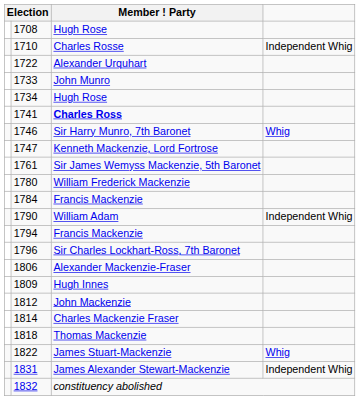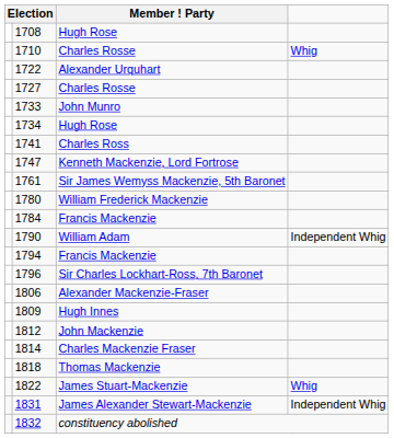 <table class="wikitable">
 <tr>
 <th colspan="2">Election</th>
 <th>Member  ! Party</th>
 </tr>
 <tr>
 <td style="color:inherit;background-color: white"></td>
 <td>1708</td>
 <td><a href='#'>Hugh Rose</a></td>
 <td></td>
 </tr>
 <tr>
 <td style="color:inherit;background-color: "></td>
 <td>1710</td>
 <td><a href='#'>Charles Rosse</a></td>
-<td>Independent Whig</td>
+<td><a href='#'>Whig</a></td>
 </tr>
 <tr>
 <td style="color:inherit;background-color: white"></td>
 <td>1722</td>
 <td><a href='#'>Alexander Urquhart</a></td>
+<td></td>
+</tr>
+<tr>
+<td style="color:inherit;background-color: white"></td>
+<td>1727</td>
+<td><a href='#'>Charles Rosse</a></td>
 <td></td>
 </tr>
 <tr>
 <td style="color:inherit;background-color: white"></td>
 <td>1733</td>
 <td><a href='#'>John Munro</a></td>
 <td></td>
 </tr>
 <tr>
 <td style="color:inherit;background-color: white"></td>
 <td>1734</td>
 <td><a href='#'>Hugh Rose</a></td>
 <td></td>
 </tr>
 <tr>
 <td style="color:inherit;background-color: white"></td>
 <td>1741</td>
-<td><strong><a href='#'>Charles Ross</a></strong></td>
+<td><a href='#'>Charles Ross</a></td>
 <td></td>
-</tr>
-<tr>
-<td style="color:inherit;background-color: "></td>
-<td>1746</td>
-<td><a href='#'>Sir Harry Munro, 7th Baronet</a></td>
-<td><a href='#'>Whig</a></td>
 </tr>
 <tr>
 <td style="color:inherit;background-color: white"></td>
 <td>1747</td>
 <td><a href='#'>Kenneth Mackenzie, Lord Fortrose</a></td>
 <td></td>
 </tr>
 <tr>
 <td style="color:inherit;background-color: white"></td>
 <td>1761</td>
 <td><a href='#'>Sir James Wemyss Mackenzie, 5th Baronet</a></td>
 <td></td>
 </tr>
 <tr>
 <td style="color:inherit;background-color: white"></td>
 <td>1780</td>
 <td><a href='#'>William Frederick Mackenzie</a></td>
 <td></td>
 </tr>
 <tr>
 <td style="color:inherit;background-color: white"></td>
 <td>1784</td>
 <td><a href='#'>Francis Mackenzie</a></td>
 <td></td>
 </tr>
 <tr>
 <td style="color:inherit;background-color: "></td>
 <td>1790</td>
 <td><a href='#'>William Adam</a></td>
 <td>Independent Whig</td>
 </tr>
 <tr>
 <td style="color:inherit;background-color: white"></td>
 <td>1794</td>
 <td><a href='#'>Francis Mackenzie</a></td>
 <td></td>
 </tr>
 <tr>
 <td style="color:inherit;background-color: white"></td>
 <td>1796</td>
 <td><a href='#'>Sir Charles Lockhart-Ross, 7th Baronet</a></td>
 <td></td>
 </tr>
 <tr>
 <td style="color:inherit;background-color: white"></td>
 <td>1806</td>
 <td><a href='#'>Alexander Mackenzie-Fraser</a></td>
 <td></td>
 </tr>
 <tr>
 <td style="color:inherit;background-color: white"></td>
 <td>1809</td>
 <td><a href='#'>Hugh Innes</a></td>
 <td></td>
 </tr>
 <tr>
 <td style="color:inherit;background-color: white"></td>
 <td>1812</td>
 <td><a href='#'>John Mackenzie</a></td>
 <td></td>
 </tr>
 <tr>
 <td style="color:inherit;background-color: white"></td>
 <td>1814</td>
 <td><a href='#'>Charles Mackenzie Fraser</a></td>
 <td></td>
 </tr>
 <tr>
 <td style="color:inherit;background-color: white"></td>
 <td>1818</td>
 <td><a href='#'>Thomas Mackenzie</a></td>
 <td></td>
 </tr>
 <tr>
 <td style="color:inherit;background-color: "></td>
 <td>1822</td>
 <td><a href='#'>James Stuart-Mackenzie</a></td>
 <td><a href='#'>Whig</a></td>
 </tr>
 <tr>
 <td style="color:inherit;background-color: "></td>
 <td><a href='#'>1831</a></td>
 <td><a href='#'>James Alexander Stewart-Mackenzie</a></td>
 <td>Independent Whig</td>
 </tr>
 <tr>
 <td></td>
 <td><a href='#'>1832</a></td>
 <td colspan="2"><em>constituency abolished</em></td>
 </tr>
 </table>
